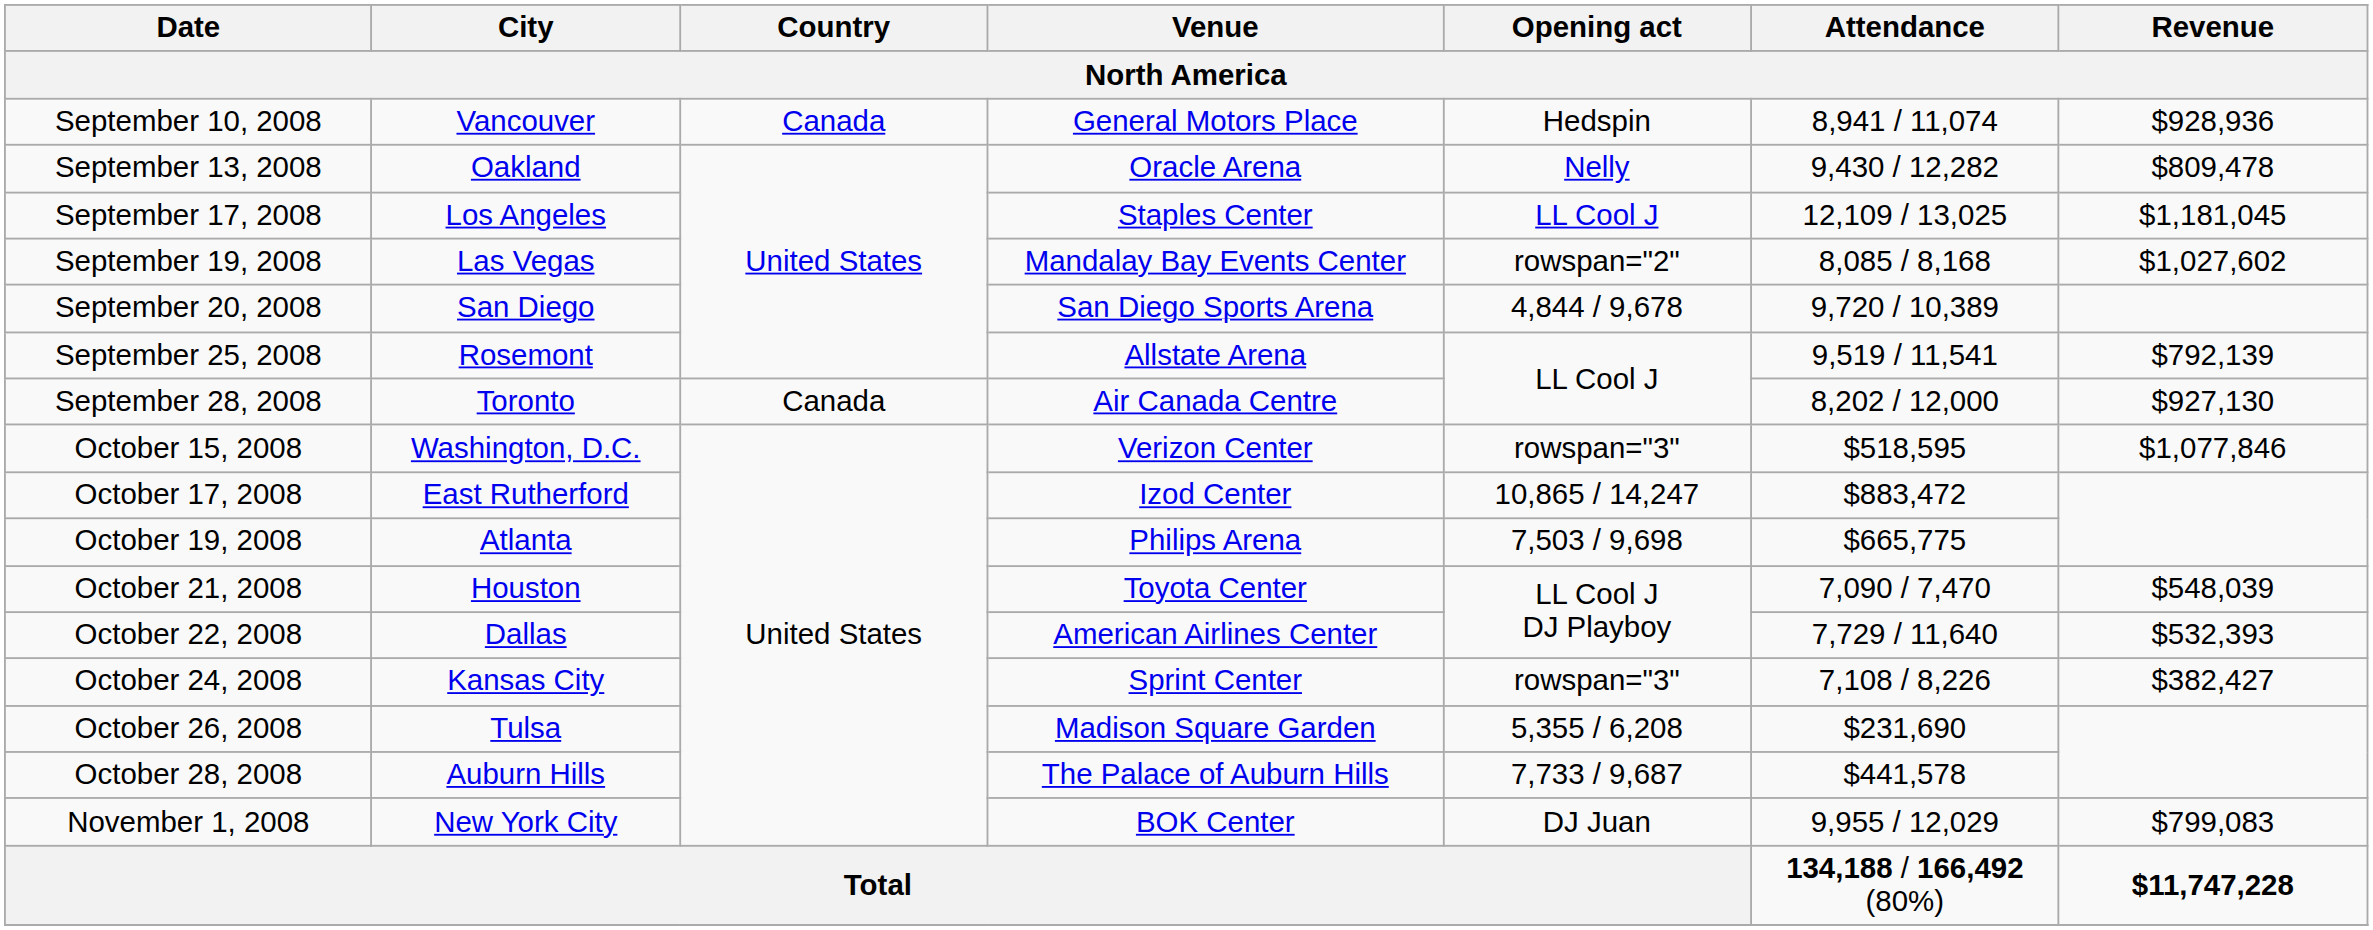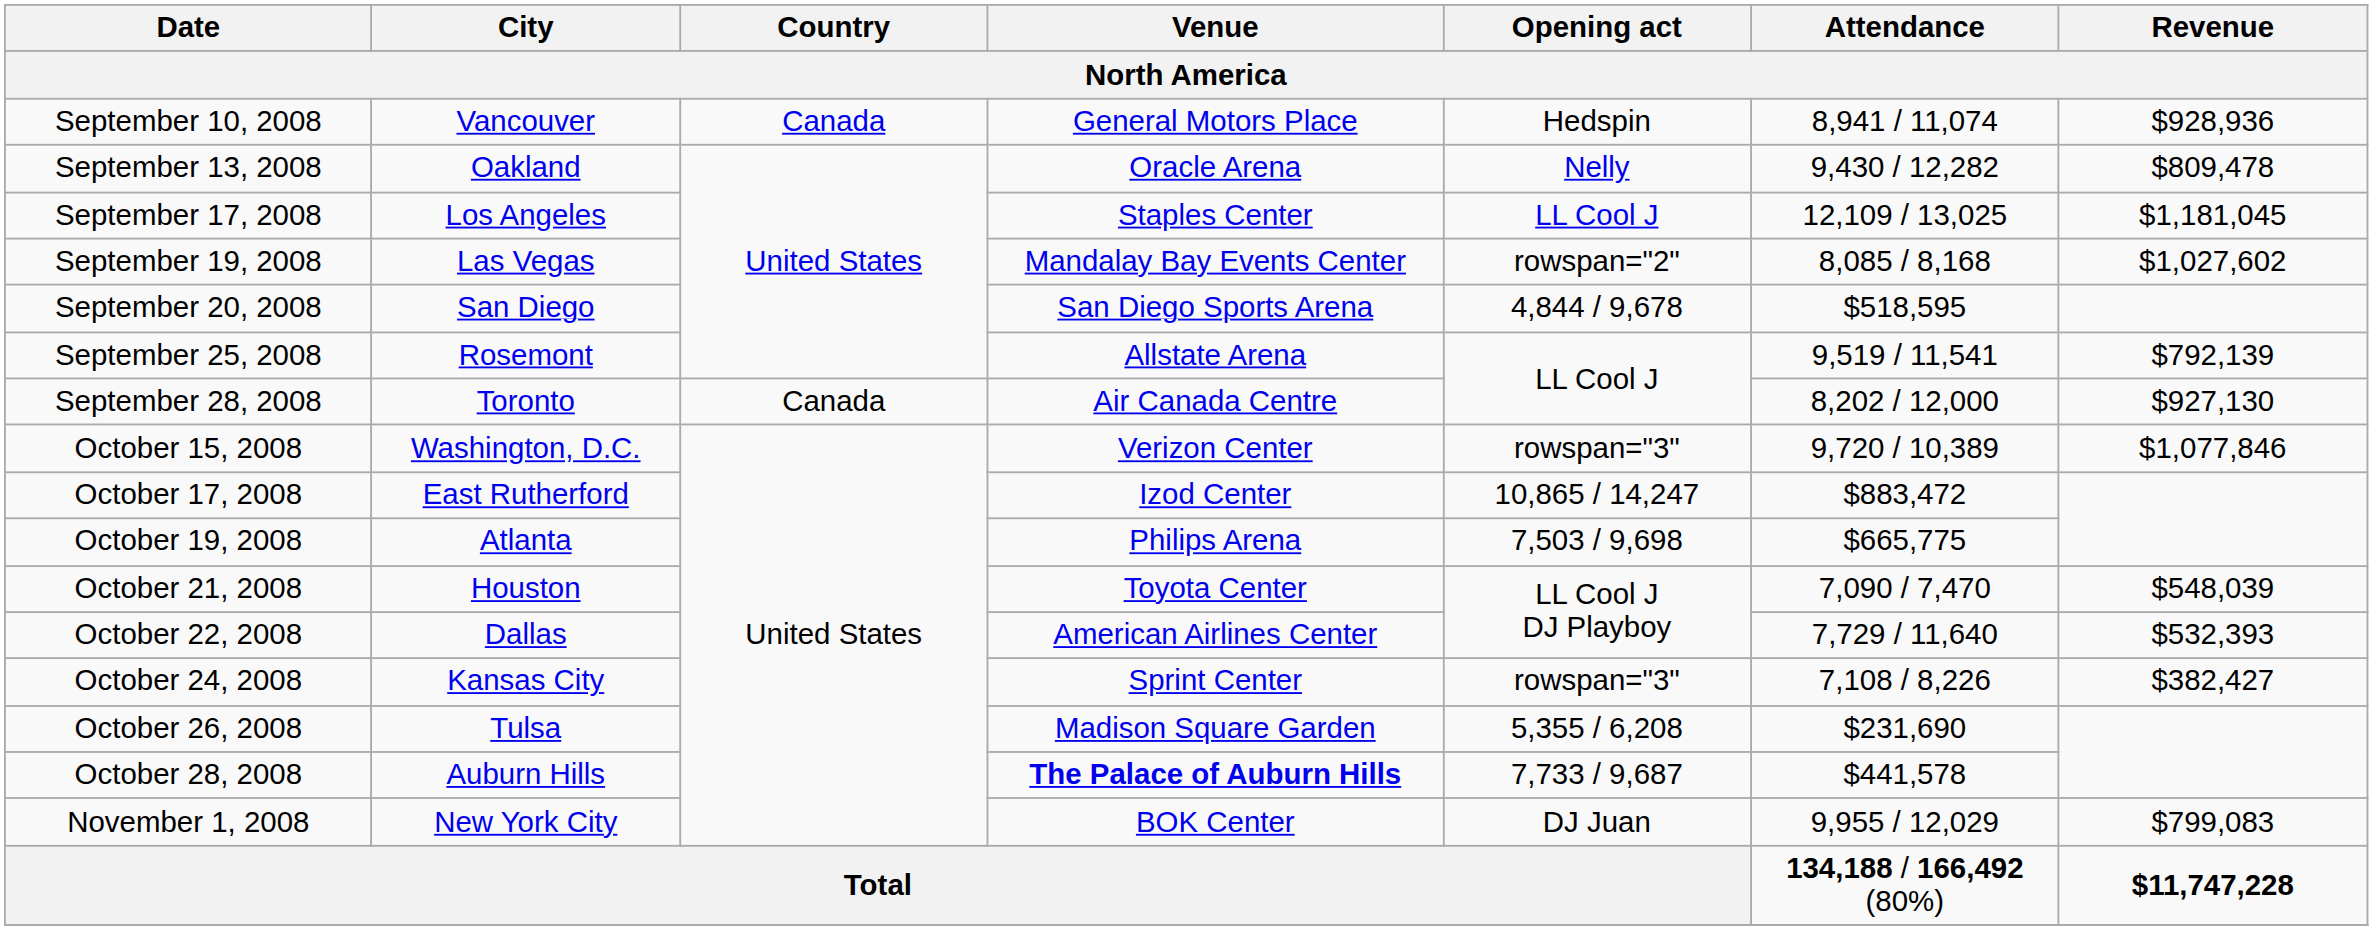 <table class="wikitable" style="text-align:center;">
 <tr>
 <th scope="col" style="width:12em;">Date</th>
 <th scope="col" style="width:10em;">City</th>
 <th scope="col" style="width:10em;">Country</th>
 <th scope="col" style="width:15em;">Venue</th>
 <th scope="col" style="width:10em;">Opening act</th>
 <th scope="col" style="width:10em;">Attendance</th>
 <th scope="col" style="width:10em;">Revenue</th>
 </tr>
 <tr>
 <th colspan="7">North America</th>
 </tr>
 <tr>
 <td>September 10, 2008</td>
 <td><a href='#'>Vancouver</a></td>
 <td><a href='#'>Canada</a></td>
 <td><a href='#'>General Motors Place</a></td>
 <td>Hedspin</td>
 <td>8,941 / 11,074</td>
 <td>$928,936</td>
 </tr>
 <tr>
 <td>September 13, 2008</td>
 <td><a href='#'>Oakland</a></td>
 <td rowspan="5"><a href='#'>United States</a></td>
 <td><a href='#'>Oracle Arena</a></td>
 <td><a href='#'>Nelly</a></td>
 <td>9,430 / 12,282</td>
 <td>$809,478</td>
 </tr>
 <tr>
 <td>September 17, 2008</td>
 <td><a href='#'>Los Angeles</a></td>
 <td><a href='#'>Staples Center</a></td>
 <td><a href='#'>LL Cool J</a></td>
 <td>12,109 / 13,025</td>
 <td>$1,181,045</td>
 </tr>
 <tr>
 <td>September 19, 2008</td>
 <td><a href='#'>Las Vegas</a></td>
 <td><a href='#'>Mandalay Bay Events Center</a></td>
 <td>rowspan="2" </td>
 <td>8,085 / 8,168</td>
 <td>$1,027,602</td>
 </tr>
 <tr>
 <td>September 20, 2008</td>
 <td><a href='#'>San Diego</a></td>
 <td><a href='#'>San Diego Sports Arena</a></td>
 <td>4,844 / 9,678</td>
-<td>9,720 / 10,389</td>
+<td>$518,595</td>
 </tr>
 <tr>
 <td>September 25, 2008</td>
 <td><a href='#'>Rosemont</a></td>
 <td><a href='#'>Allstate Arena</a></td>
 <td rowspan="2">LL Cool J</td>
 <td>9,519 / 11,541</td>
 <td>$792,139</td>
 </tr>
 <tr>
 <td>September 28, 2008</td>
 <td><a href='#'>Toronto</a></td>
 <td>Canada</td>
 <td><a href='#'>Air Canada Centre</a></td>
 <td>8,202 / 12,000</td>
 <td>$927,130</td>
 </tr>
 <tr>
 <td>October 15, 2008</td>
 <td><a href='#'>Washington, D.C.</a></td>
 <td rowspan="9">United States</td>
 <td><a href='#'>Verizon Center</a></td>
 <td>rowspan="3" </td>
-<td>$518,595</td>
+<td>9,720 / 10,389</td>
 <td>$1,077,846</td>
 </tr>
 <tr>
 <td>October 17, 2008</td>
 <td><a href='#'>East Rutherford</a></td>
 <td><a href='#'>Izod Center</a></td>
 <td>10,865 / 14,247</td>
 <td>$883,472</td>
 </tr>
 <tr>
 <td>October 19, 2008</td>
 <td><a href='#'>Atlanta</a></td>
 <td><a href='#'>Philips Arena</a></td>
 <td>7,503 / 9,698</td>
 <td>$665,775</td>
 </tr>
 <tr>
 <td>October 21, 2008</td>
 <td><a href='#'>Houston</a></td>
 <td><a href='#'>Toyota Center</a></td>
 <td rowspan="2">LL Cool J<br>DJ Playboy</td>
 <td>7,090 / 7,470</td>
 <td>$548,039</td>
 </tr>
 <tr>
 <td>October 22, 2008</td>
 <td><a href='#'>Dallas</a></td>
 <td><a href='#'>American Airlines Center</a></td>
 <td>7,729 / 11,640</td>
 <td>$532,393</td>
 </tr>
 <tr>
 <td>October 24, 2008</td>
 <td><a href='#'>Kansas City</a></td>
 <td><a href='#'>Sprint Center</a></td>
 <td>rowspan="3" </td>
 <td>7,108 / 8,226</td>
 <td>$382,427</td>
 </tr>
 <tr>
 <td>October 26, 2008</td>
 <td><a href='#'>Tulsa</a></td>
 <td><a href='#'>Madison Square Garden</a></td>
 <td>5,355 / 6,208</td>
 <td>$231,690</td>
 </tr>
 <tr>
 <td>October 28, 2008</td>
 <td><a href='#'>Auburn Hills</a></td>
-<td><a href='#'>The Palace of Auburn Hills</a></td>
+<td><strong><a href='#'>The Palace of Auburn Hills</a></strong></td>
 <td>7,733 / 9,687</td>
 <td>$441,578</td>
 </tr>
 <tr>
 <td>November 1, 2008</td>
 <td><a href='#'>New York City</a></td>
 <td><a href='#'>BOK Center</a></td>
 <td>DJ Juan</td>
 <td>9,955 / 12,029</td>
 <td>$799,083</td>
 </tr>
 <tr>
 <th colspan="5">Total</th>
 <td><strong>134,188</strong> / <strong>166,492</strong> (80%)</td>
 <td><strong>$11,747,228</strong></td>
 </tr>
 <tr>
 </tr>
 </table>
